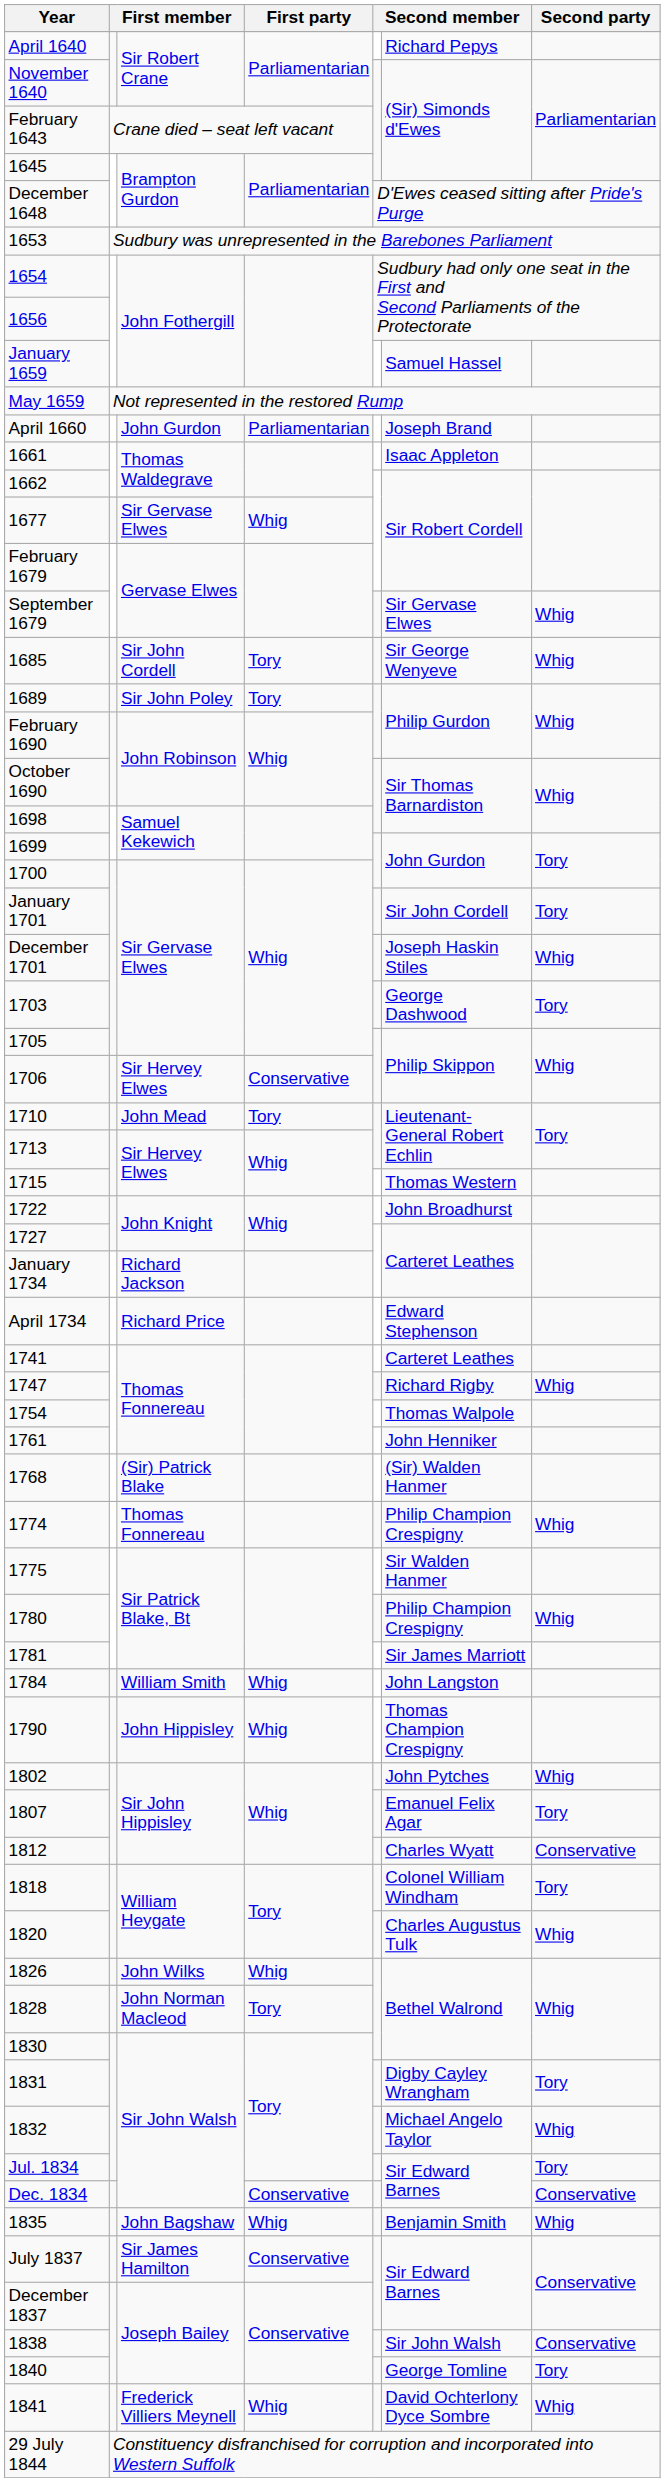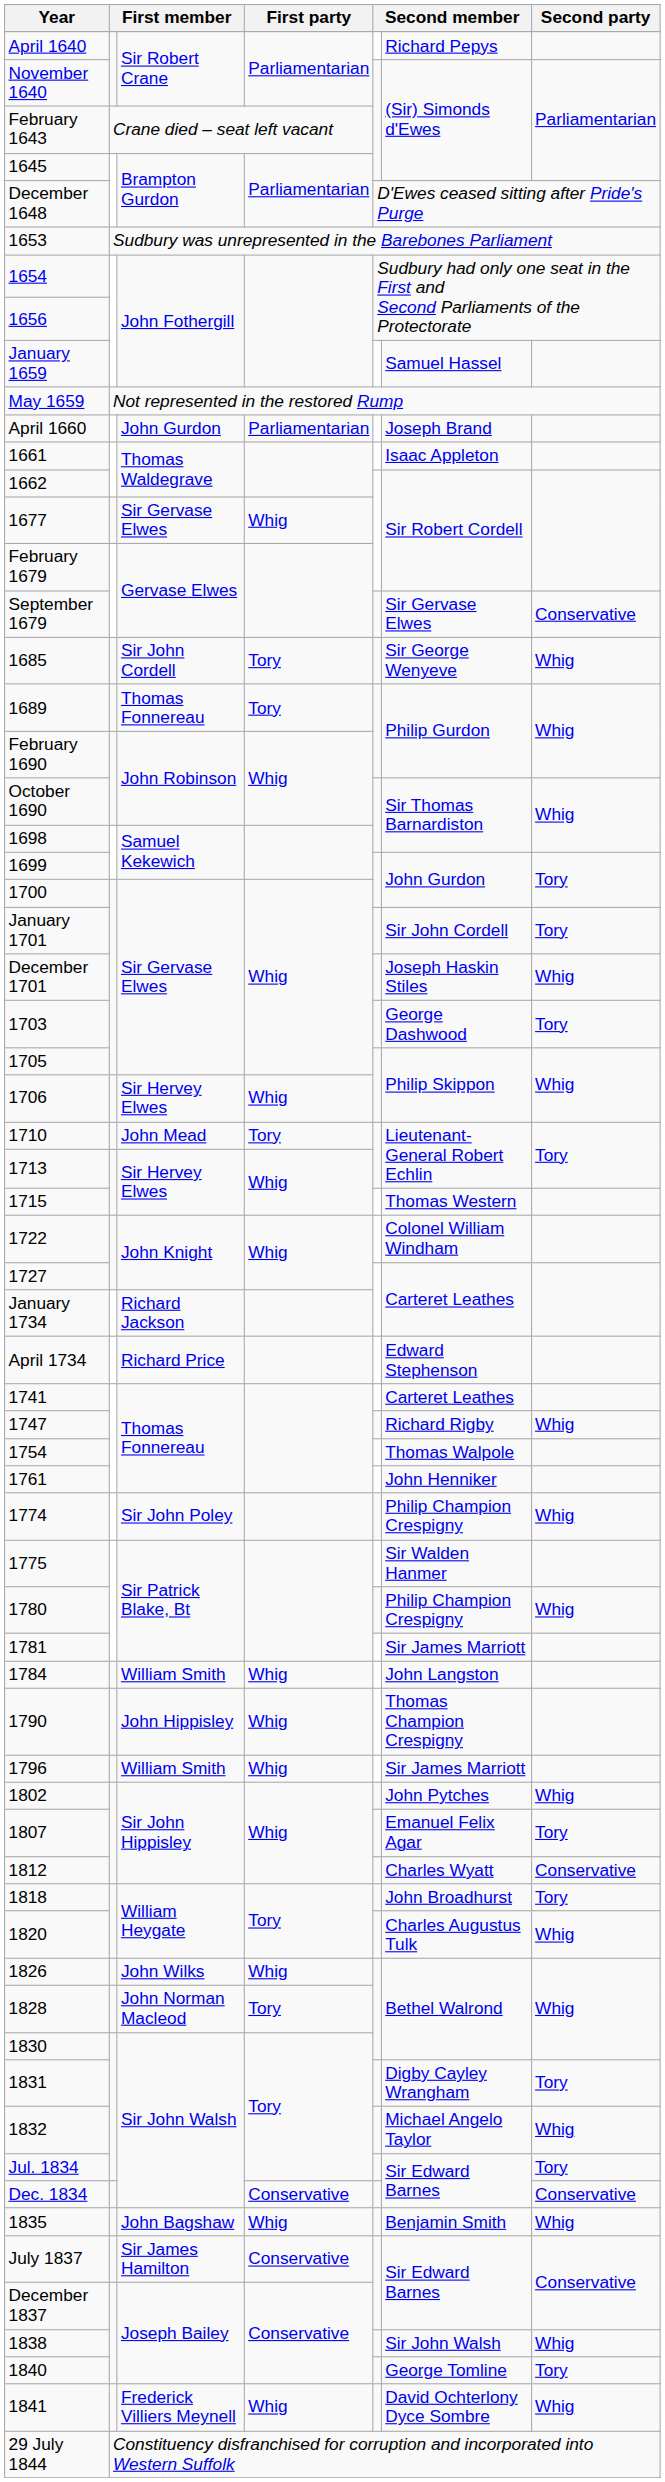 <table class="wikitable">
 <tr>
 <th>Year</th>
 <th colspan="2">First member</th>
 <th>First party</th>
 <th colspan="2">Second member</th>
 <th>Second party</th>
 </tr>
 <tr>
 </tr>
 <tr>
 <td><a href='#'>April 1640</a></td>
 <td rowspan="2" style="color:inherit;background-color: "></td>
 <td rowspan="2"><a href='#'>Sir Robert Crane</a></td>
 <td rowspan="2"><a href='#'>Parliamentarian</a></td>
 <td style="color:inherit;background-color: white"></td>
 <td><a href='#'>Richard Pepys</a></td>
 <td></td>
 </tr>
 <tr>
 <td><a href='#'>November 1640</a></td>
 <td rowspan="3" style="color:inherit;background-color: "></td>
 <td rowspan="3"><a href='#'>(Sir) Simonds d'Ewes</a></td>
 <td rowspan="3"><a href='#'>Parliamentarian</a></td>
 </tr>
 <tr>
 <td>February 1643</td>
 <td colspan="3"><em>Crane died – seat left vacant</em></td>
 </tr>
 <tr>
 <td>1645</td>
 <td rowspan="2" style="color:inherit;background-color: white"></td>
 <td rowspan="2"><a href='#'>Brampton Gurdon</a></td>
 <td rowspan="2"><a href='#'>Parliamentarian</a></td>
 </tr>
 <tr>
 <td>December 1648</td>
 <td colspan="3"><em>D'Ewes ceased sitting after <a href='#'>Pride's Purge</a></em></td>
 </tr>
 <tr>
 <td>1653</td>
 <td colspan="6"><em>Sudbury was unrepresented in the <a href='#'>Barebones Parliament</a></em></td>
 </tr>
 <tr>
 <td><a href='#'>1654</a></td>
 <td rowspan="3" style="color:inherit;background-color: white"></td>
 <td rowspan="3"><a href='#'>John Fothergill</a></td>
 <td rowspan="3"></td>
 <td rowspan="2" colspan="3"><em>Sudbury had only one seat in the <a href='#'>First</a>  and <br><a href='#'>Second</a> Parliaments of the Protectorate</em></td>
 </tr>
 <tr>
 <td><a href='#'>1656</a></td>
 </tr>
 <tr>
 <td><a href='#'>January 1659</a></td>
 <td style="color:inherit;background-color: white"></td>
 <td><a href='#'>Samuel Hassel</a></td>
 <td></td>
 </tr>
 <tr>
 <td><a href='#'>May 1659</a></td>
 <td colspan="6"><em>Not represented in the restored <a href='#'>Rump</a></em></td>
 </tr>
 <tr>
 <td>April 1660</td>
 <td style="color:inherit;background-color: white"></td>
 <td><a href='#'>John Gurdon</a></td>
 <td>  <a href='#'>Parliamentarian</a></td>
 <td style="color:inherit;background-color: white"></td>
 <td><a href='#'>Joseph Brand</a></td>
 <td></td>
 </tr>
 <tr>
 <td>1661</td>
 <td rowspan="2" style="color:inherit;background-color: white"></td>
 <td rowspan="2"><a href='#'>Thomas Waldegrave</a></td>
 <td rowspan="2"></td>
 <td style="color:inherit;background-color: white"></td>
 <td><a href='#'>Isaac Appleton</a></td>
 <td></td>
 </tr>
 <tr>
 <td>1662</td>
 <td rowspan="3" style="color:inherit;background-color: white"></td>
 <td rowspan="3"><a href='#'>Sir Robert Cordell</a></td>
 <td rowspan="3"></td>
 </tr>
 <tr>
 <td>1677</td>
 <td style="color:inherit;background-color: "></td>
 <td><a href='#'>Sir Gervase Elwes</a></td>
 <td> <a href='#'>Whig</a></td>
 </tr>
 <tr>
 <td>February 1679</td>
 <td rowspan="2" style="color:inherit;background-color: white"></td>
 <td rowspan="2"><a href='#'>Gervase Elwes</a></td>
 <td rowspan="2"></td>
 </tr>
 <tr>
 <td>September 1679</td>
 <td style="color:inherit;background-color: "></td>
 <td><a href='#'>Sir Gervase Elwes</a></td>
-<td> <a href='#'>Whig</a></td>
+<td><a href='#'>Conservative</a></td>
 </tr>
 <tr>
 <td>1685</td>
 <td style="color:inherit;background-color: "></td>
 <td><a href='#'>Sir John Cordell</a></td>
 <td> <a href='#'>Tory</a></td>
 <td style="color:inherit;background-color: "></td>
 <td><a href='#'>Sir George Wenyeve</a></td>
 <td><a href='#'>Whig</a></td>
 </tr>
 <tr>
 <td>1689</td>
 <td style="color:inherit;background-color: "></td>
-<td><a href='#'>Sir John Poley</a></td>
+<td><a href='#'>Thomas Fonnereau</a></td>
 <td> <a href='#'>Tory</a></td>
 <td rowspan="2" style="color:inherit;background-color: "></td>
 <td rowspan="2"><a href='#'>Philip Gurdon</a></td>
 <td rowspan="2">   <a href='#'>Whig</a></td>
 </tr>
 <tr>
 <td>February 1690</td>
 <td rowspan="2" style="color:inherit;background-color: "></td>
 <td rowspan="2"><a href='#'>John Robinson</a></td>
 <td rowspan="2"> <a href='#'>Whig</a></td>
 </tr>
 <tr>
 <td>October 1690</td>
 <td rowspan="2" style="color:inherit;background-color: "></td>
 <td rowspan="2"><a href='#'>Sir Thomas Barnardiston</a></td>
 <td rowspan="2"> <a href='#'>Whig</a></td>
 </tr>
 <tr>
 <td>1698</td>
 <td rowspan="2" style="color:inherit;background-color: white"></td>
 <td rowspan="2"><a href='#'>Samuel Kekewich</a></td>
 <td rowspan="2"></td>
 </tr>
 <tr>
 <td>1699</td>
 <td rowspan="2" style="color:inherit;background-color: "></td>
 <td rowspan="2"><a href='#'>John Gurdon</a></td>
 <td rowspan="2"> <a href='#'>Tory</a></td>
 </tr>
 <tr>
 <td>1700</td>
 <td rowspan="5" style="color:inherit;background-color: "></td>
 <td rowspan="5"><a href='#'>Sir Gervase Elwes</a></td>
 <td rowspan="5"> <a href='#'>Whig</a></td>
 </tr>
 <tr>
 <td>January 1701</td>
 <td style="color:inherit;background-color: "></td>
 <td><a href='#'>Sir John Cordell</a></td>
 <td> <a href='#'>Tory</a></td>
 </tr>
 <tr>
 <td>December 1701</td>
 <td style="color:inherit;background-color: "></td>
 <td><a href='#'>Joseph Haskin Stiles</a></td>
 <td> <a href='#'>Whig</a></td>
 </tr>
 <tr>
 <td>1703</td>
 <td style="color:inherit;background-color: "></td>
 <td><a href='#'>George Dashwood</a></td>
 <td> <a href='#'>Tory</a></td>
 </tr>
 <tr>
 <td>1705</td>
 <td rowspan="2" style="color:inherit;background-color: "></td>
 <td rowspan="2"><a href='#'>Philip Skippon</a></td>
 <td rowspan="2"> <a href='#'>Whig</a></td>
 </tr>
 <tr>
 <td>1706</td>
 <td style="color:inherit;background-color: "></td>
 <td><a href='#'>Sir Hervey Elwes</a></td>
-<td><a href='#'>Conservative</a></td>
+<td> <a href='#'>Whig</a></td>
 </tr>
 <tr>
 <td>1710</td>
 <td style="color:inherit;background-color: "></td>
 <td><a href='#'>John Mead</a></td>
 <td> <a href='#'>Tory</a></td>
 <td rowspan="2" style="color:inherit;background-color: "></td>
 <td rowspan="2"><a href='#'>Lieutenant-General Robert Echlin</a></td>
 <td rowspan="2"> <a href='#'>Tory</a></td>
 </tr>
 <tr>
 <td>1713</td>
 <td rowspan="2" style="color:inherit;background-color: "></td>
 <td rowspan="2"><a href='#'>Sir Hervey Elwes</a></td>
 <td rowspan="2"> <a href='#'>Whig</a></td>
 </tr>
 <tr>
 <td>1715</td>
 <td style="color:inherit;background-color: white"></td>
 <td><a href='#'>Thomas Western</a></td>
 <td></td>
 </tr>
 <tr>
 <td>1722</td>
 <td rowspan="2" style="color:inherit;background-color: "></td>
 <td rowspan="2"><a href='#'>John Knight</a></td>
 <td rowspan="2"> <a href='#'>Whig</a></td>
 <td style="color:inherit;background-color: white"></td>
-<td><a href='#'>John Broadhurst</a></td>
+<td><a href='#'>Colonel William Windham</a></td>
 <td></td>
 </tr>
 <tr>
 <td>1727</td>
 <td rowspan="2" style="color:inherit;background-color: white"></td>
 <td rowspan="2"><a href='#'>Carteret Leathes</a></td>
 <td rowspan="2"></td>
 </tr>
 <tr>
 <td>January 1734</td>
 <td style="color:inherit;background-color: white"></td>
 <td><a href='#'>Richard Jackson</a></td>
 <td></td>
 </tr>
 <tr>
 <td>April 1734</td>
 <td style="color:inherit;background-color: white"></td>
 <td><a href='#'>Richard Price</a></td>
 <td></td>
 <td style="color:inherit;background-color: white"></td>
 <td><a href='#'>Edward Stephenson</a></td>
 <td></td>
 </tr>
 <tr>
 <td>1741</td>
 <td rowspan="4" style="color:inherit;background-color: white"></td>
 <td rowspan="4"><a href='#'>Thomas Fonnereau</a></td>
 <td rowspan="4"></td>
 <td style="color:inherit;background-color: white"></td>
 <td><a href='#'>Carteret Leathes</a></td>
 <td></td>
 </tr>
 <tr>
 <td>1747</td>
 <td style="color:inherit;background-color: "></td>
 <td><a href='#'>Richard Rigby</a></td>
 <td> <a href='#'>Whig</a></td>
 </tr>
 <tr>
 <td>1754</td>
 <td style="color:inherit;background-color: white"></td>
 <td><a href='#'>Thomas Walpole</a></td>
 <td></td>
 </tr>
 <tr>
 <td>1761</td>
 <td style="color:inherit;background-color: white"></td>
 <td><a href='#'>John Henniker</a></td>
 <td></td>
 </tr>
 <tr>
-<td>1768</td>
-<td style="color:inherit;background-color: white"></td>
-<td><a href='#'>(Sir) Patrick Blake</a></td>
-<td></td>
-<td style="color:inherit;background-color: white"></td>
-<td><a href='#'>(Sir) Walden Hanmer</a></td>
-<td></td>
-</tr>
-<tr>
 <td>1774 </td>
 <td style="color:inherit;background-color: white"></td>
-<td><a href='#'>Thomas Fonnereau</a></td>
+<td><a href='#'>Sir John Poley</a></td>
 <td></td>
 <td style="color:inherit;background-color: "></td>
 <td><a href='#'>Philip Champion Crespigny</a></td>
 <td> <a href='#'>Whig</a></td>
 </tr>
 <tr>
 <td>1775</td>
 <td rowspan="3" style="color:inherit;background-color: white"></td>
 <td rowspan="3"><a href='#'>Sir Patrick Blake, Bt</a></td>
 <td rowspan="3"></td>
 <td style="color:inherit;background-color: white"></td>
 <td><a href='#'>Sir Walden Hanmer</a></td>
 <td></td>
 </tr>
 <tr>
 <td>1780</td>
 <td style="color:inherit;background-color: "></td>
 <td><a href='#'>Philip Champion Crespigny</a></td>
 <td> <a href='#'>Whig</a></td>
 </tr>
 <tr>
 <td>1781</td>
 <td style="color:inherit;background-color: white"></td>
 <td><a href='#'>Sir James Marriott</a></td>
 <td></td>
 </tr>
 <tr>
 <td>1784</td>
 <td style="color:inherit;background-color: "></td>
 <td><a href='#'>William Smith</a></td>
 <td> <a href='#'>Whig</a></td>
 <td style="color:inherit;background-color: white"></td>
 <td><a href='#'>John Langston</a></td>
 <td></td>
 </tr>
 <tr>
 <td>1790</td>
 <td style="color:inherit;background-color: "></td>
 <td><a href='#'>John Hippisley</a></td>
 <td> <a href='#'>Whig</a></td>
 <td style="color:inherit;background-color: white"></td>
 <td><a href='#'>Thomas Champion Crespigny</a></td>
 <td></td>
 </tr>
 <tr>
+<td>1796</td>
+<td style="color:inherit;background-color: "></td>
+<td><a href='#'>William Smith</a></td>
+<td> <a href='#'>Whig</a></td>
+<td style="color:inherit;background-color: white"></td>
+<td><a href='#'>Sir James Marriott</a></td>
+<td></td>
+</tr>
+<tr>
 <td>1802</td>
 <td rowspan="3" style="color:inherit;background-color: "></td>
 <td rowspan="3"><a href='#'>Sir John Hippisley</a></td>
 <td rowspan="3"><a href='#'>Whig</a></td>
 <td style="color:inherit;background-color: "></td>
 <td><a href='#'>John Pytches</a></td>
 <td><a href='#'>Whig</a></td>
 </tr>
 <tr>
 <td>1807</td>
 <td style="color:inherit;background-color: "></td>
 <td><a href='#'>Emanuel Felix Agar</a></td>
 <td><a href='#'>Tory</a></td>
 </tr>
 <tr>
 <td>1812</td>
 <td style="color:inherit;background-color: "></td>
 <td><a href='#'>Charles Wyatt</a></td>
 <td><a href='#'>Conservative</a></td>
 </tr>
 <tr>
 <td>1818</td>
 <td rowspan="2" style="color:inherit;background-color: "></td>
 <td rowspan="2"><a href='#'>William Heygate</a></td>
 <td rowspan="2"><a href='#'>Tory</a></td>
 <td style="color:inherit;background-color: "></td>
-<td><a href='#'>Colonel William Windham</a></td>
+<td><a href='#'>John Broadhurst</a></td>
 <td> <a href='#'>Tory</a></td>
 </tr>
 <tr>
 <td>1820</td>
 <td style="color:inherit;background-color: "></td>
 <td><a href='#'>Charles Augustus Tulk</a></td>
 <td><a href='#'>Whig</a></td>
 </tr>
 <tr>
 <td>1826</td>
 <td style="color:inherit;background-color: "></td>
 <td><a href='#'>John Wilks</a></td>
 <td><a href='#'>Whig</a></td>
 <td rowspan="3" style="color:inherit;background-color: "></td>
 <td rowspan="3"><a href='#'>Bethel Walrond</a></td>
 <td rowspan="3"><a href='#'>Whig</a></td>
 </tr>
 <tr>
 <td>1828</td>
 <td style="color:inherit;background-color: "></td>
 <td><a href='#'>John Norman Macleod</a></td>
 <td><a href='#'>Tory</a></td>
 </tr>
 <tr>
 <td>1830</td>
 <td rowspan="4" style="color:inherit;background-color: "></td>
 <td rowspan="5"><a href='#'>Sir John Walsh</a></td>
 <td rowspan="4"><a href='#'>Tory</a></td>
 </tr>
 <tr>
 <td>1831</td>
 <td style="color:inherit;background-color: "></td>
 <td><a href='#'>Digby Cayley Wrangham</a></td>
 <td><a href='#'>Tory</a></td>
 </tr>
 <tr>
 <td>1832</td>
 <td style="color:inherit;background-color: "></td>
 <td><a href='#'>Michael Angelo Taylor</a></td>
 <td><a href='#'>Whig</a></td>
 </tr>
 <tr>
 <td><a href='#'>Jul. 1834</a></td>
 <td style="color:inherit;background-color: "></td>
 <td rowspan="2"><a href='#'>Sir Edward Barnes</a></td>
 <td><a href='#'>Tory</a></td>
 </tr>
 <tr>
 <td><a href='#'>Dec. 1834</a></td>
 <td style="color:inherit;background-color: "></td>
 <td><a href='#'>Conservative</a></td>
 <td style="color:inherit;background-color: "></td>
 <td><a href='#'>Conservative</a></td>
 </tr>
 <tr>
 <td>1835</td>
 <td style="color:inherit;background-color: "></td>
 <td><a href='#'>John Bagshaw</a></td>
 <td><a href='#'>Whig</a></td>
 <td style="color:inherit;background-color: "></td>
 <td><a href='#'>Benjamin Smith</a></td>
 <td><a href='#'>Whig</a></td>
 </tr>
 <tr>
 <td>July 1837</td>
 <td style="color:inherit;background-color: "></td>
 <td><a href='#'>Sir James Hamilton</a></td>
 <td><a href='#'>Conservative</a></td>
 <td rowspan="2" style="color:inherit;background-color: "></td>
 <td rowspan="2"><a href='#'>Sir Edward Barnes</a></td>
 <td rowspan="2"><a href='#'>Conservative</a></td>
 </tr>
 <tr>
 <td>December 1837</td>
 <td rowspan="3" style="color:inherit;background-color: "></td>
 <td rowspan="3"><a href='#'>Joseph Bailey</a></td>
 <td rowspan="3"><a href='#'>Conservative</a></td>
 </tr>
 <tr>
 <td>1838</td>
 <td style="color:inherit;background-color: "></td>
 <td><a href='#'>Sir John Walsh</a></td>
-<td><a href='#'>Conservative</a></td>
+<td> <a href='#'>Whig</a></td>
 </tr>
 <tr>
 <td>1840</td>
 <td style="color:inherit;background-color: "></td>
 <td><a href='#'>George Tomline</a></td>
 <td><a href='#'>Tory</a></td>
 </tr>
 <tr>
 <td>1841</td>
 <td style="color:inherit;background-color: "></td>
 <td><a href='#'>Frederick Villiers Meynell</a></td>
 <td><a href='#'>Whig</a></td>
 <td style="color:inherit;background-color: "></td>
 <td><a href='#'>David Ochterlony Dyce Sombre</a></td>
 <td><a href='#'>Whig</a></td>
 </tr>
 <tr>
 <td>29 July 1844</td>
 <td colspan="6"><em>Constituency disfranchised for corruption and incorporated into <a href='#'>Western Suffolk</a></em></td>
 </tr>
 </table>
